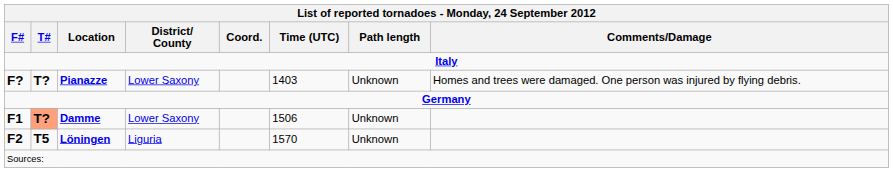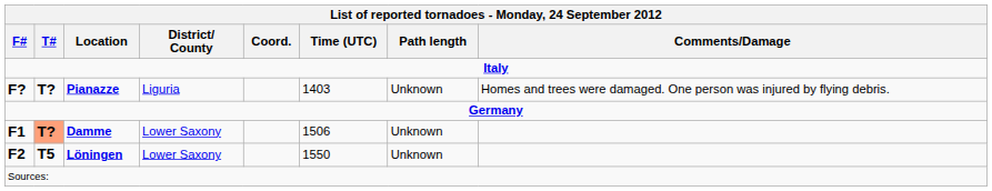 <table class="wikitable collapsible" width="100%">
 <tr>
 <th colspan="8">List of reported tornadoes - Monday, 24 September 2012</th>
 </tr>
 <tr>
 <th><a href='#'>F#</a></th>
 <th><a href='#'>T#</a></th>
 <th>Location</th>
 <th>District/<br>County</th>
 <th>Coord.</th>
 <th>Time (UTC)</th>
 <th>Path length</th>
 <th>Comments/Damage</th>
 </tr>
 <tr>
 <td colspan="8" align=center><strong><a href='#'>Italy</a></strong></td>
 </tr>
 <tr>
 <td><big><strong>F?</strong></big></td>
 <td><big><strong>T?</strong></big></td>
 <td><strong><a href='#'>Pianazze</a></strong></td>
-<td><a href='#'>Lower Saxony</a></td>
+<td><a href='#'>Liguria</a></td>
 <td></td>
 <td>1403</td>
 <td>Unknown</td>
 <td>Homes and trees were damaged. One person was injured by flying debris.</td>
 </tr>
 <tr>
 <td colspan="8" align=center><strong><a href='#'>Germany</a></strong></td>
 </tr>
 <tr>
 <td><big><strong>F1</strong></big></td>
 <td style="background: lightsalmon;"><big><strong>T?</strong></big></td>
 <td><strong><a href='#'>Damme</a></strong></td>
 <td><a href='#'>Lower Saxony</a></td>
 <td></td>
 <td>1506</td>
 <td>Unknown</td>
 <td></td>
 </tr>
 <tr>
 <td><big><strong>F2</strong></big></td>
 <td><big><strong>T5</strong></big></td>
 <td><strong><a href='#'>Löningen</a></strong></td>
-<td><a href='#'>Liguria</a></td>
+<td><a href='#'>Lower Saxony</a></td>
 <td></td>
-<td>1570</td>
+<td>1550</td>
 <td>Unknown</td>
 <td></td>
 </tr>
 <tr>
 <td colspan="8"><small>Sources:  </small></td>
 </tr>
 </table>
